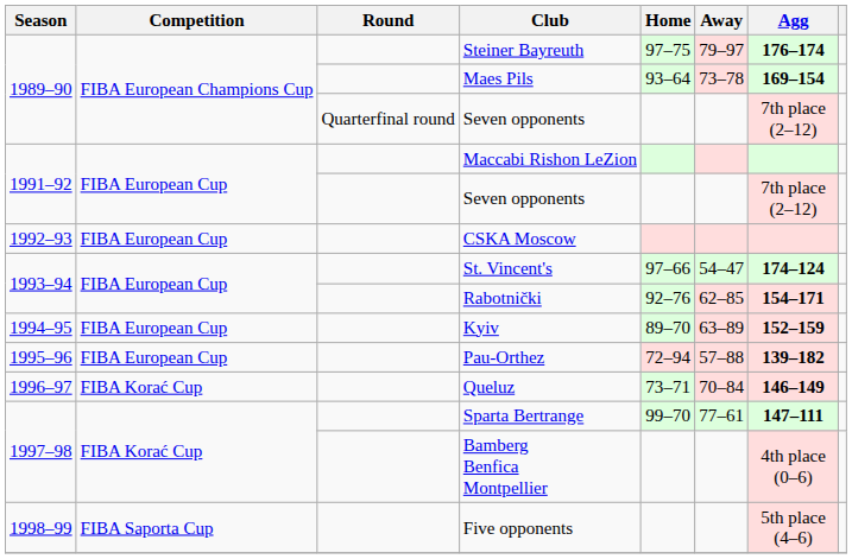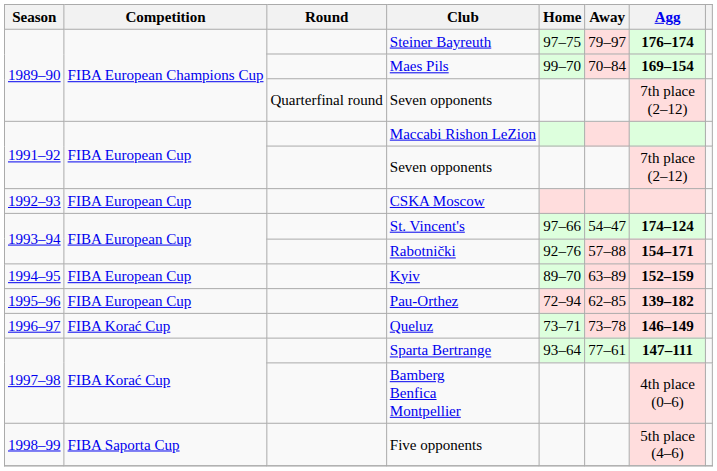 <table class="wikitable mw-collapsible" style="font-size:95%;">
 <tr>
 <th>Season</th>
 <th>Competition</th>
 <th>Round</th>
 <th>Club</th>
 <th>Home</th>
 <th>Away</th>
 <th width="70"><a href='#'>Agg</a></th>
 <th></th>
 </tr>
 <tr>
 <td rowspan=3><a href='#'>1989–90</a></td>
 <td rowspan=3><a href='#'>FIBA European Champions Cup</a></td>
 <td></td>
 <td> <a href='#'>Steiner Bayreuth</a></td>
 <td style="text-align:center;" bgcolor=#dfd>97–75</td>
 <td style="text-align:center;" bgcolor=#fdd>79–97</td>
 <td style="text-align:center;" bgcolor=#dfd><strong>176–174</strong></td>
 <td></td>
 </tr>
 <tr>
 <td></td>
 <td> <a href='#'>Maes Pils</a></td>
-<td style="text-align:center;" bgcolor=#dfd>93–64</td>
-<td style="text-align:center;" bgcolor=#fdd>73–78</td>
+<td style="text-align:center;" bgcolor=#dfd>99–70</td>
+<td style="text-align:center;" bgcolor=#fdd>70–84</td>
 <td style="text-align:center;" bgcolor=#dfd><strong>169–154</strong></td>
 <td></td>
 </tr>
 <tr>
 <td>Quarterfinal round</td>
 <td>Seven opponents</td>
 <td></td>
 <td></td>
 <td style="text-align:center;" bgcolor=#fdd>7th place (2–12)</td>
 <td></td>
 </tr>
 <tr>
 <td rowspan=2><a href='#'>1991–92</a></td>
 <td rowspan=2><a href='#'>FIBA European Cup</a></td>
 <td></td>
 <td> <a href='#'>Maccabi Rishon LeZion</a></td>
 <td bgcolor=#dfd></td>
 <td bgcolor=#fdd></td>
 <td bgcolor=#dfd></td>
 <td></td>
 </tr>
 <tr>
 <td></td>
 <td>Seven opponents</td>
 <td></td>
 <td></td>
 <td style="text-align:center;" bgcolor=#fdd>7th place (2–12)</td>
 <td></td>
 </tr>
 <tr>
 <td><a href='#'>1992–93</a></td>
 <td><a href='#'>FIBA European Cup</a></td>
 <td></td>
 <td> <a href='#'>CSKA Moscow</a></td>
 <td bgcolor=#fdd></td>
 <td bgcolor=#fdd></td>
 <td bgcolor=#fdd></td>
 <td></td>
 </tr>
 <tr>
 <td rowspan=2><a href='#'>1993–94</a></td>
 <td rowspan=2><a href='#'>FIBA European Cup</a></td>
 <td></td>
 <td> <a href='#'>St. Vincent's</a></td>
 <td style="text-align:center;" bgcolor=#dfd>97–66</td>
 <td style="text-align:center;" bgcolor=#dfd>54–47</td>
 <td style="text-align:center;" bgcolor=#dfd><strong>174–124</strong></td>
 <td></td>
 </tr>
 <tr>
 <td></td>
 <td> <a href='#'>Rabotnički</a></td>
 <td style="text-align:center;" bgcolor=#dfd>92–76</td>
-<td style="text-align:center;" bgcolor=#fdd>62–85</td>
+<td style="text-align:center;" bgcolor=#fdd>57–88</td>
 <td style="text-align:center;" bgcolor=#fdd><strong>154–171</strong></td>
 <td></td>
 </tr>
 <tr>
 <td><a href='#'>1994–95</a></td>
 <td><a href='#'>FIBA European Cup</a></td>
 <td></td>
 <td> <a href='#'>Kyiv</a></td>
 <td style="text-align:center;" bgcolor=#dfd>89–70</td>
 <td style="text-align:center;" bgcolor=#fdd>63–89</td>
 <td style="text-align:center;" bgcolor=#fdd><strong>152–159</strong></td>
 <td></td>
 </tr>
 <tr>
 <td><a href='#'>1995–96</a></td>
 <td><a href='#'>FIBA European Cup</a></td>
 <td></td>
 <td> <a href='#'>Pau-Orthez</a></td>
 <td style="text-align:center;" bgcolor=#fdd>72–94</td>
-<td style="text-align:center;" bgcolor=#fdd>57–88</td>
+<td style="text-align:center;" bgcolor=#fdd>62–85</td>
 <td style="text-align:center;" bgcolor=#fdd><strong>139–182</strong></td>
 <td></td>
 </tr>
 <tr>
 <td><a href='#'>1996–97</a></td>
 <td><a href='#'>FIBA Korać Cup</a></td>
 <td></td>
 <td> <a href='#'>Queluz</a></td>
 <td style="text-align:center;" bgcolor=#dfd>73–71</td>
-<td style="text-align:center;" bgcolor=#fdd>70–84</td>
+<td style="text-align:center;" bgcolor=#fdd>73–78</td>
 <td style="text-align:center;" bgcolor=#fdd><strong>146–149</strong></td>
 <td></td>
 </tr>
 <tr>
 <td rowspan=2><a href='#'>1997–98</a></td>
 <td rowspan=2><a href='#'>FIBA Korać Cup</a></td>
 <td></td>
 <td> <a href='#'>Sparta Bertrange</a></td>
-<td style="text-align:center;" bgcolor=#dfd>99–70</td>
+<td style="text-align:center;" bgcolor=#dfd>93–64</td>
 <td style="text-align:center;" bgcolor=#dfd>77–61</td>
 <td style="text-align:center;" bgcolor=#dfd><strong>147–111</strong></td>
 <td></td>
 </tr>
 <tr>
 <td></td>
 <td> <a href='#'>Bamberg</a><br> <a href='#'>Benfica</a><br> <a href='#'>Montpellier</a></td>
 <td></td>
 <td></td>
 <td style="text-align:center;" bgcolor=#fdd>4th place (0–6)</td>
 <td></td>
 </tr>
 <tr>
 <td><a href='#'>1998–99</a></td>
 <td><a href='#'>FIBA Saporta Cup</a></td>
 <td></td>
 <td>Five opponents</td>
 <td></td>
 <td></td>
 <td style="text-align:center;" bgcolor=#fdd>5th place (4–6)</td>
 <td></td>
 </tr>
 <tr>
 </tr>
 </table>
